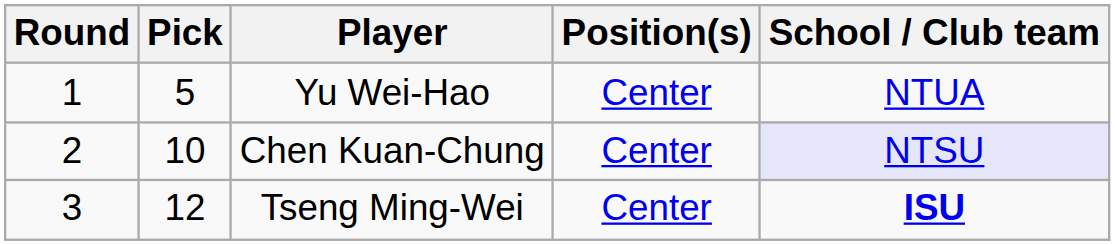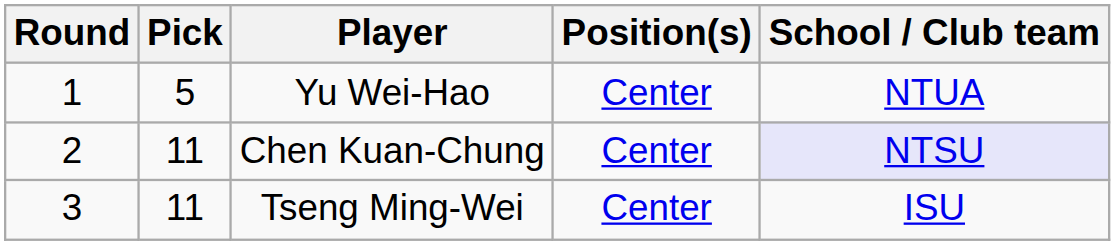 <table class="wikitable sortable sortable">
 <tr>
 <th>Round</th>
 <th>Pick</th>
 <th>Player</th>
 <th>Position(s)</th>
 <th>School / Club team</th>
 </tr>
 <tr style="text-align: center">
 <td>1</td>
 <td>5</td>
 <td>Yu Wei-Hao</td>
 <td><a href='#'>Center</a></td>
 <td><a href='#'>NTUA</a></td>
 </tr>
 <tr style="text-align: center">
 <td>2</td>
-<td>10</td>
+<td>11</td>
 <td>Chen Kuan-Chung</td>
 <td><a href='#'>Center</a></td>
 <td style="background: lavender;"><a href='#'>NTSU</a></td>
 </tr>
 <tr style="text-align: center">
 <td>3</td>
-<td>12</td>
+<td>11</td>
 <td>Tseng Ming-Wei</td>
 <td><a href='#'>Center</a></td>
-<td><strong><a href='#'>ISU</a></strong></td>
+<td><a href='#'>ISU</a></td>
 </tr>
 </table>
